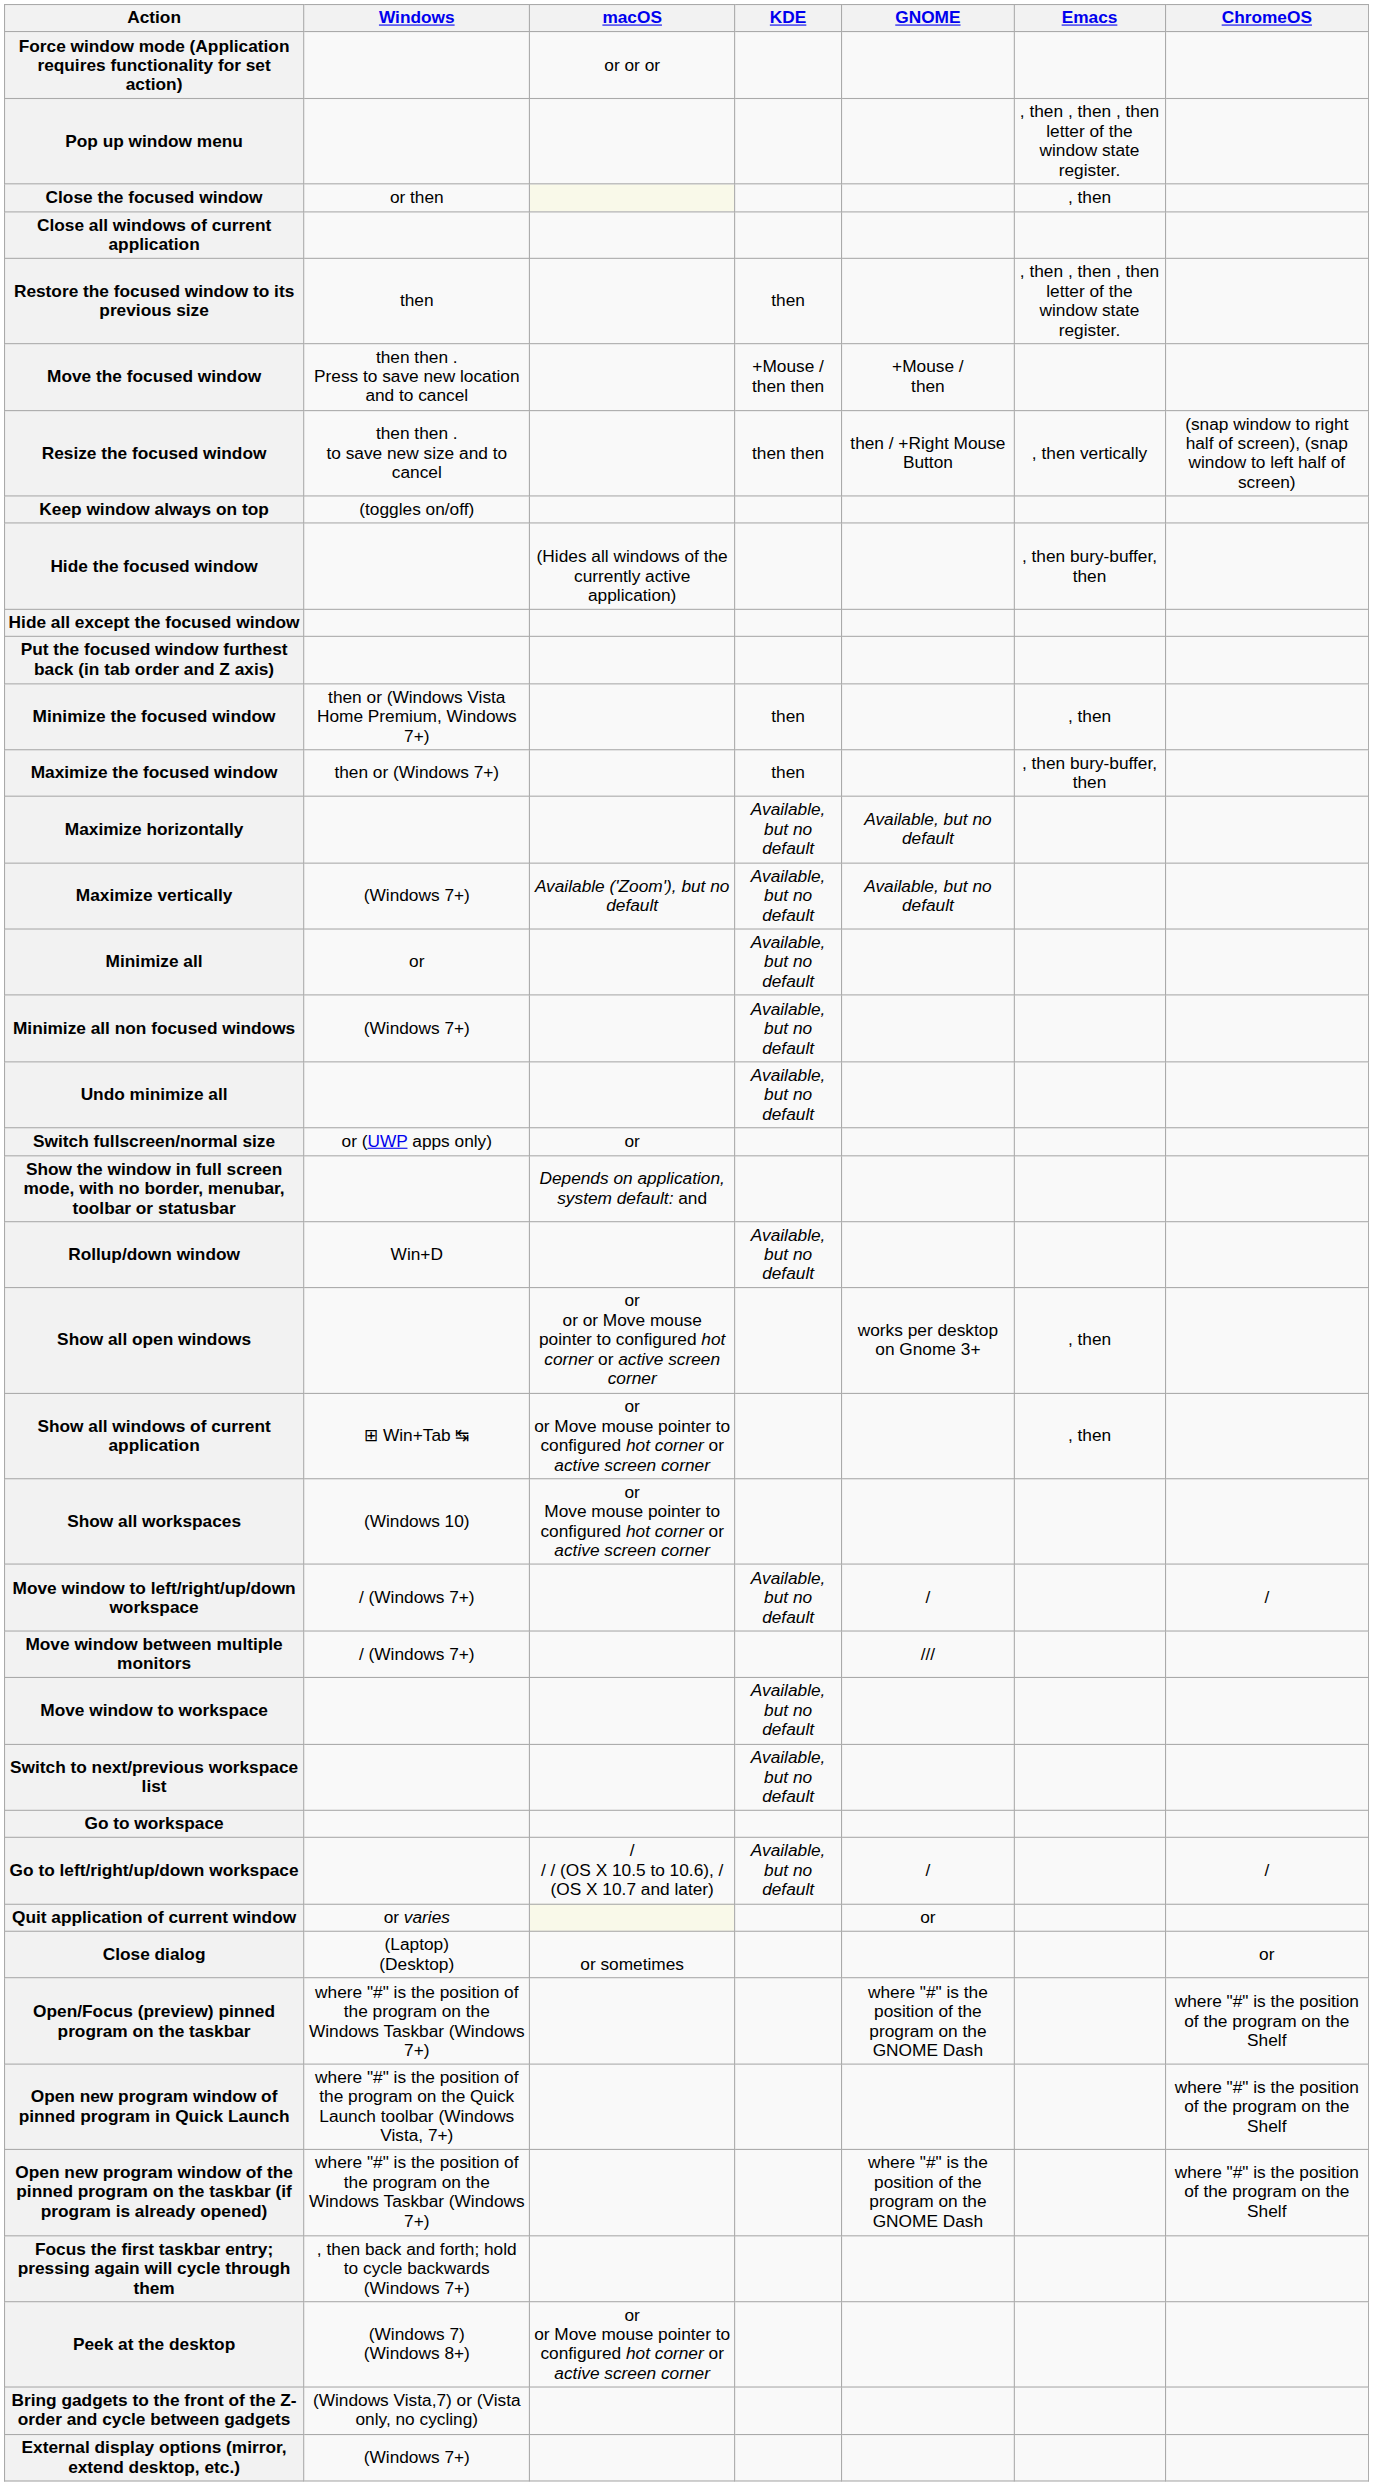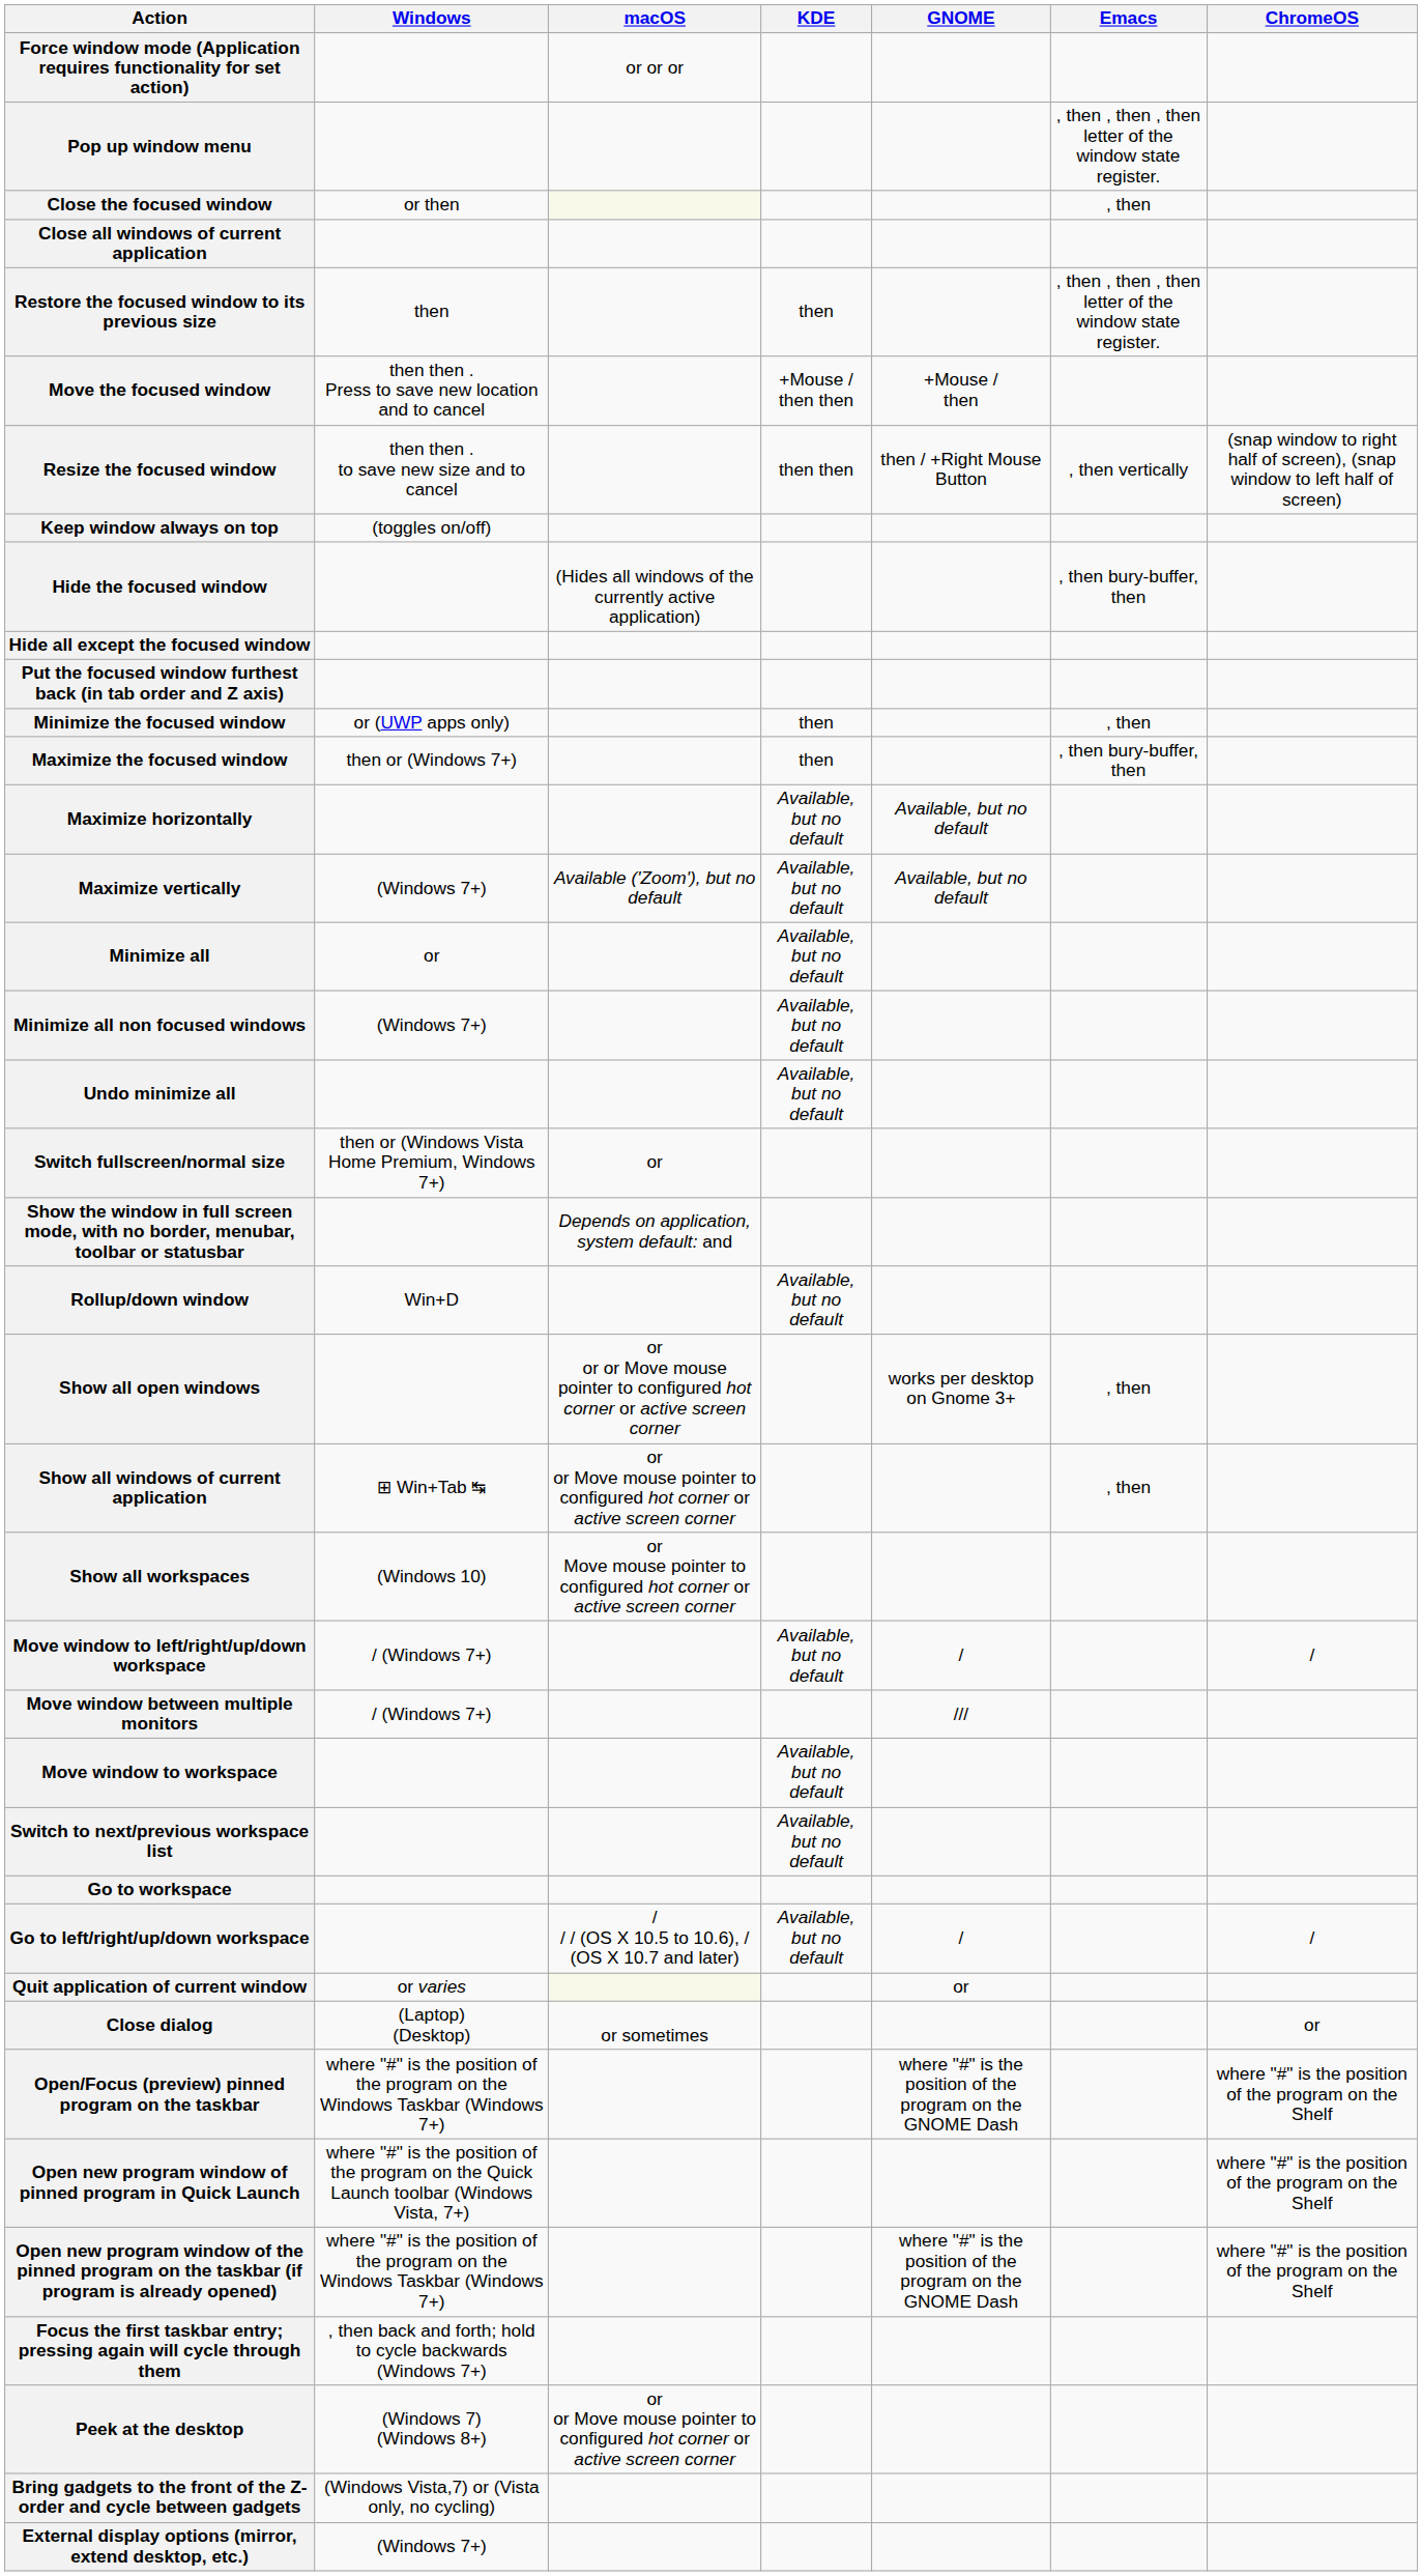 <table class="wikitable sortable" style="width: 100%; text-align: center;">
 <tr>
 <th scope="col">Action</th>
 <th scope="col"><a href='#'>Windows</a></th>
 <th scope="col"><a href='#'>macOS</a></th>
 <th scope="col"><a href='#'>KDE</a></th>
 <th scope="col"><a href='#'>GNOME</a></th>
 <th scope="col"><a href='#'>Emacs</a></th>
 <th scope="col"><a href='#'>ChromeOS</a></th>
 </tr>
 <tr>
 <th scope="row">Force window mode (Application requires functionality for set action)</th>
 <td></td>
 <td> or  or  or </td>
 <td></td>
 <td></td>
 <td></td>
 <td></td>
 </tr>
 <tr>
 <th scope="row">Pop up window menu</th>
 <td></td>
 <td></td>
 <td></td>
 <td></td>
 <td>, then , then , then letter of the window state register.</td>
 <td></td>
 </tr>
 <tr>
 <th scope="row">Close the focused window</th>
 <td> or  then </td>
 <td style="background: #f9f9e9;"></td>
 <td></td>
 <td></td>
 <td>, then </td>
 <td></td>
 </tr>
 <tr>
 <th scope="row">Close all windows of current application</th>
 <td></td>
 <td></td>
 <td></td>
 <td></td>
 <td></td>
 <td></td>
 </tr>
 <tr>
 <th scope="row">Restore the focused window to its previous size</th>
 <td> then </td>
 <td></td>
 <td> then </td>
 <td></td>
 <td>, then , then , then letter of the window state register.</td>
 <td></td>
 </tr>
 <tr>
 <th scope="row">Move the focused window</th>
 <td> then  then .<br>Press  to save new location and  to cancel</td>
 <td></td>
 <td>+Mouse /<br> then  then </td>
 <td>+Mouse /<br> then </td>
 <td></td>
 <td></td>
 </tr>
 <tr>
 <th scope="row">Resize the focused window</th>
 <td> then  then .<br> to save new size and  to cancel</td>
 <td></td>
 <td> then  then </td>
 <td> then  / +Right Mouse Button</td>
 <td>, then  vertically</td>
 <td> (snap window to right half of screen),  (snap window to left half of screen)</td>
 </tr>
 <tr>
 <th scope="row">Keep window always on top</th>
 <td> (toggles on/off)</td>
 <td></td>
 <td></td>
 <td></td>
 <td></td>
 <td></td>
 </tr>
 <tr>
 <th scope="row">Hide the focused window</th>
 <td></td>
 <td><br>(Hides all windows of the currently active application)</td>
 <td></td>
 <td></td>
 <td>, then bury-buffer, then </td>
 <td></td>
 </tr>
 <tr>
 <th scope="row">Hide all except the focused window</th>
 <td></td>
 <td></td>
 <td></td>
 <td></td>
 <td></td>
 <td></td>
 </tr>
 <tr>
 <th scope="row">Put the focused window furthest back (in tab order and Z axis)</th>
 <td></td>
 <td></td>
 <td></td>
 <td></td>
 <td></td>
 <td></td>
 </tr>
 <tr>
 <th scope="row">Minimize the focused window</th>
-<td> then  or  (Windows Vista Home Premium, Windows 7+)</td>
+<td> or  (<a href='#'>UWP</a> apps only)</td>
 <td></td>
 <td> then </td>
 <td></td>
 <td>, then </td>
 <td></td>
 </tr>
 <tr>
 <th scope="row">Maximize the focused window</th>
 <td> then  or  (Windows 7+)</td>
 <td></td>
 <td> then </td>
 <td></td>
 <td>, then bury-buffer, then </td>
 <td></td>
 </tr>
 <tr>
 <th scope="row">Maximize horizontally</th>
 <td></td>
 <td></td>
 <td><em>Available, but no default</em></td>
 <td><em>Available, but no default</em></td>
 <td></td>
 <td></td>
 </tr>
 <tr>
 <th scope="row">Maximize vertically</th>
 <td> (Windows 7+)</td>
 <td><em>Available ('Zoom'), but no default</em></td>
 <td><em>Available, but no default</em></td>
 <td><em>Available, but no default</em></td>
 <td></td>
 <td></td>
 </tr>
 <tr>
 <th scope="row">Minimize all</th>
 <td> or </td>
 <td></td>
 <td><em>Available, but no default</em></td>
 <td></td>
 <td></td>
 <td></td>
 </tr>
 <tr>
 <th scope="row">Minimize all non focused windows</th>
 <td> (Windows 7+)</td>
 <td></td>
 <td><em>Available, but no default</em></td>
 <td></td>
 <td></td>
 <td></td>
 </tr>
 <tr>
 <th scope="row">Undo minimize all</th>
 <td></td>
 <td></td>
 <td><em>Available, but no default</em></td>
 <td></td>
 <td></td>
 <td></td>
 </tr>
 <tr>
 <th scope="row">Switch fullscreen/normal size</th>
-<td> or  (<a href='#'>UWP</a> apps only)</td>
+<td> then  or  (Windows Vista Home Premium, Windows 7+)</td>
 <td> or<br></td>
 <td></td>
 <td></td>
 <td></td>
 <td></td>
 </tr>
 <tr>
 <th scope="row">Show the window in full screen mode, with no border, menubar, toolbar or statusbar</th>
 <td></td>
 <td><em>Depends on application, system default:</em>  and<br></td>
 <td></td>
 <td></td>
 <td></td>
 <td></td>
 </tr>
 <tr>
 <th scope="row">Rollup/down window</th>
 <td>Win+D</td>
 <td></td>
 <td><em>Available, but no default</em></td>
 <td></td>
 <td></td>
 <td></td>
 </tr>
 <tr>
 <th scope="row">Show all open windows</th>
 <td></td>
 <td> or<br> or  or Move mouse pointer to configured <em>hot corner</em> or <em>active screen corner</em></td>
 <td></td>
 <td> works per desktop on Gnome 3+</td>
 <td>, then </td>
 <td></td>
 </tr>
 <tr>
 <th scope="row">Show all windows of current application</th>
 <td>⊞ Win+Tab ↹</td>
 <td> or<br> or Move mouse pointer to configured <em>hot corner</em> or <em>active screen corner</em></td>
 <td></td>
 <td></td>
 <td>, then </td>
 <td></td>
 </tr>
 <tr>
 <th scope="row">Show all workspaces</th>
 <td> (Windows 10)</td>
 <td> or<br>Move mouse pointer to configured <em>hot corner</em> or <em>active screen corner</em></td>
 <td></td>
 <td></td>
 <td></td>
 <td></td>
 </tr>
 <tr>
 <th scope="row">Move window to left/right/up/down workspace</th>
 <td>/ (Windows 7+)</td>
 <td></td>
 <td><em>Available, but no default</em></td>
 <td> / </td>
 <td></td>
 <td>/</td>
 </tr>
 <tr>
 <th scope="row">Move window between multiple monitors</th>
 <td>/ (Windows 7+)</td>
 <td></td>
 <td></td>
 <td>///</td>
 <td></td>
 <td></td>
 </tr>
 <tr>
 <th scope="row">Move window to workspace </th>
 <td></td>
 <td></td>
 <td><em>Available, but no default</em></td>
 <td></td>
 <td></td>
 <td></td>
 </tr>
 <tr>
 <th scope="row">Switch to next/previous workspace list</th>
 <td></td>
 <td></td>
 <td><em>Available, but no default</em></td>
 <td></td>
 <td></td>
 <td></td>
 </tr>
 <tr>
 <th scope="row">Go to workspace </th>
 <td></td>
 <td></td>
 <td></td>
 <td></td>
 <td></td>
 <td></td>
 </tr>
 <tr>
 <th scope="row">Go to left/right/up/down workspace</th>
 <td></td>
 <td> /<br> /  /  (OS X 10.5 to 10.6),  /  (OS X 10.7 and later)</td>
 <td><em>Available, but no default</em></td>
 <td> / </td>
 <td></td>
 <td>/</td>
 </tr>
 <tr>
 <th scope="row">Quit application of current window</th>
 <td> or  <em>varies</em></td>
 <td style="background: #f9f9e9;"></td>
 <td></td>
 <td> or </td>
 <td></td>
 <td></td>
 </tr>
 <tr>
 <th scope="row">Close dialog</th>
 <td> (Laptop)<br> (Desktop)</td>
 <td> <br> or sometimes <br> </td>
 <td></td>
 <td></td>
 <td></td>
 <td> or </td>
 </tr>
 <tr>
 <th scope="row">Open/Focus (preview) pinned program on the taskbar</th>
 <td> where "#" is the position of the program on the Windows Taskbar (Windows 7+)</td>
 <td></td>
 <td></td>
 <td> where "#" is the position of the program on the GNOME Dash</td>
 <td></td>
 <td> where "#" is the position of the program on the Shelf</td>
 </tr>
 <tr>
 <th scope="row">Open new program window of pinned program in Quick Launch</th>
 <td> where "#" is the position of the program on the Quick Launch toolbar (Windows Vista, 7+)</td>
 <td></td>
 <td></td>
 <td></td>
 <td></td>
 <td> where "#" is the position of the program on the Shelf</td>
 </tr>
 <tr>
 <th scope="row">Open new program window of the pinned program on the taskbar (if program is already opened)</th>
 <td> where "#" is the position of the program on the Windows Taskbar (Windows 7+)</td>
 <td></td>
 <td></td>
 <td> where "#" is the position of the program on the GNOME Dash</td>
 <td></td>
 <td> where "#" is the position of the program on the Shelf</td>
 </tr>
 <tr>
 <th scope="row">Focus the first taskbar entry; pressing again will cycle through them</th>
 <td>, then  back and forth; hold  to cycle backwards (Windows 7+)</td>
 <td></td>
 <td></td>
 <td></td>
 <td></td>
 <td></td>
 </tr>
 <tr>
 <th scope="row">Peek at the desktop</th>
 <td> (Windows 7)<br> (Windows 8+)</td>
 <td> or<br> or Move mouse pointer to configured <em>hot corner</em> or <em>active screen corner</em></td>
 <td></td>
 <td></td>
 <td></td>
 <td></td>
 </tr>
 <tr>
 <th scope="row">Bring gadgets to the front of the Z-order and cycle between gadgets</th>
 <td> (Windows Vista,7) or  (Vista only, no cycling)</td>
 <td></td>
 <td></td>
 <td></td>
 <td></td>
 <td></td>
 </tr>
 <tr>
 <th scope="row">External display options (mirror, extend desktop, etc.)</th>
 <td> (Windows 7+)</td>
 <td></td>
 <td></td>
 <td></td>
 <td></td>
 <td></td>
 </tr>
 </table>
